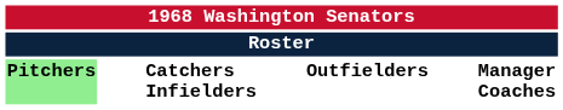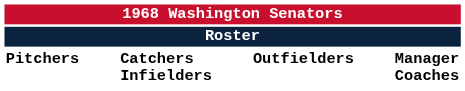 <table class="toccolours" style="font-size: 95%;">
 <tr>
 <th colspan="10" style="background-color: #C8102E; color: #FFFFFF; text-align: center;">1968 Washington Senators</th>
 </tr>
 <tr>
 <td colspan="10" style="background-color: #0C2340; color: #FFFFFF; text-align: center;"><strong>Roster</strong></td>
 </tr>
 <tr>
-<td valign="top" style="background: lightgreen;"><strong>Pitchers</strong><br>                 </td>
+<td valign="top"><strong>Pitchers</strong><br>                 </td>
 <td width="25px"></td>
 <td valign="top"><strong>Catchers</strong><br>   <strong>Infielders</strong>        </td>
 <td width="25px"></td>
 <td valign="top"><strong>Outfielders</strong><br>         </td>
 <td width="25px"></td>
 <td valign="top"><strong>Manager</strong><br> <strong>Coaches</strong>    </td>
 </tr>
 <tr>
 </tr>
 </table>
